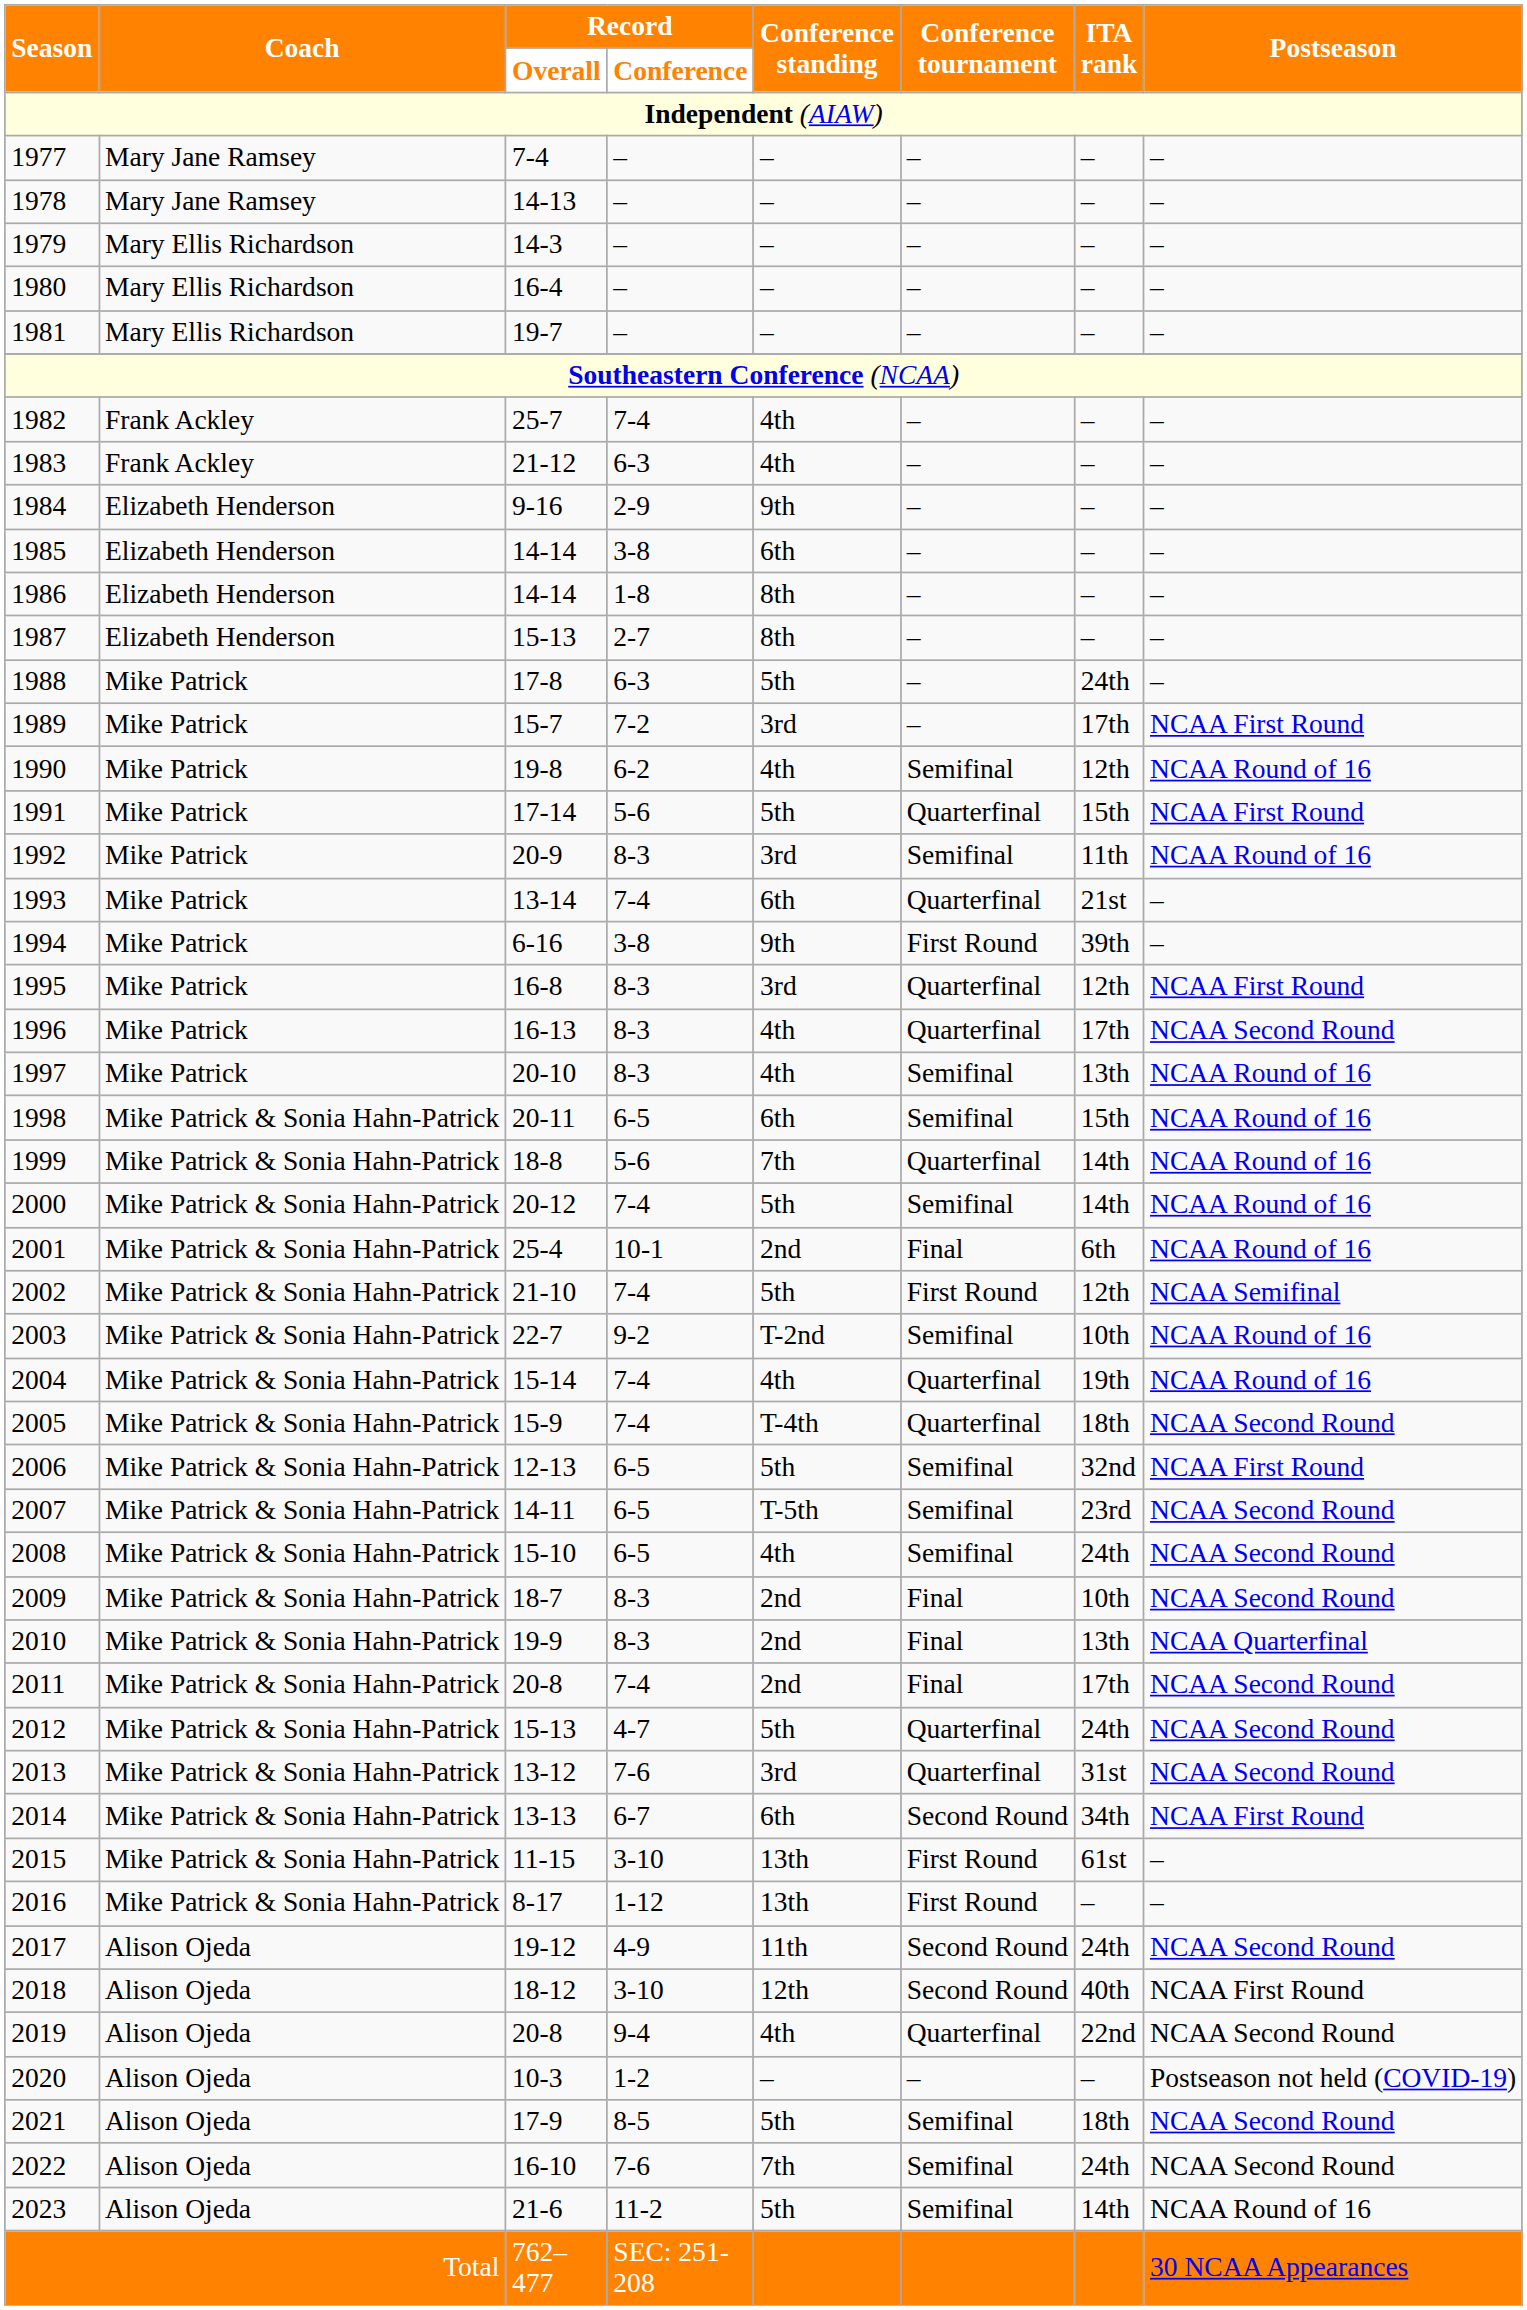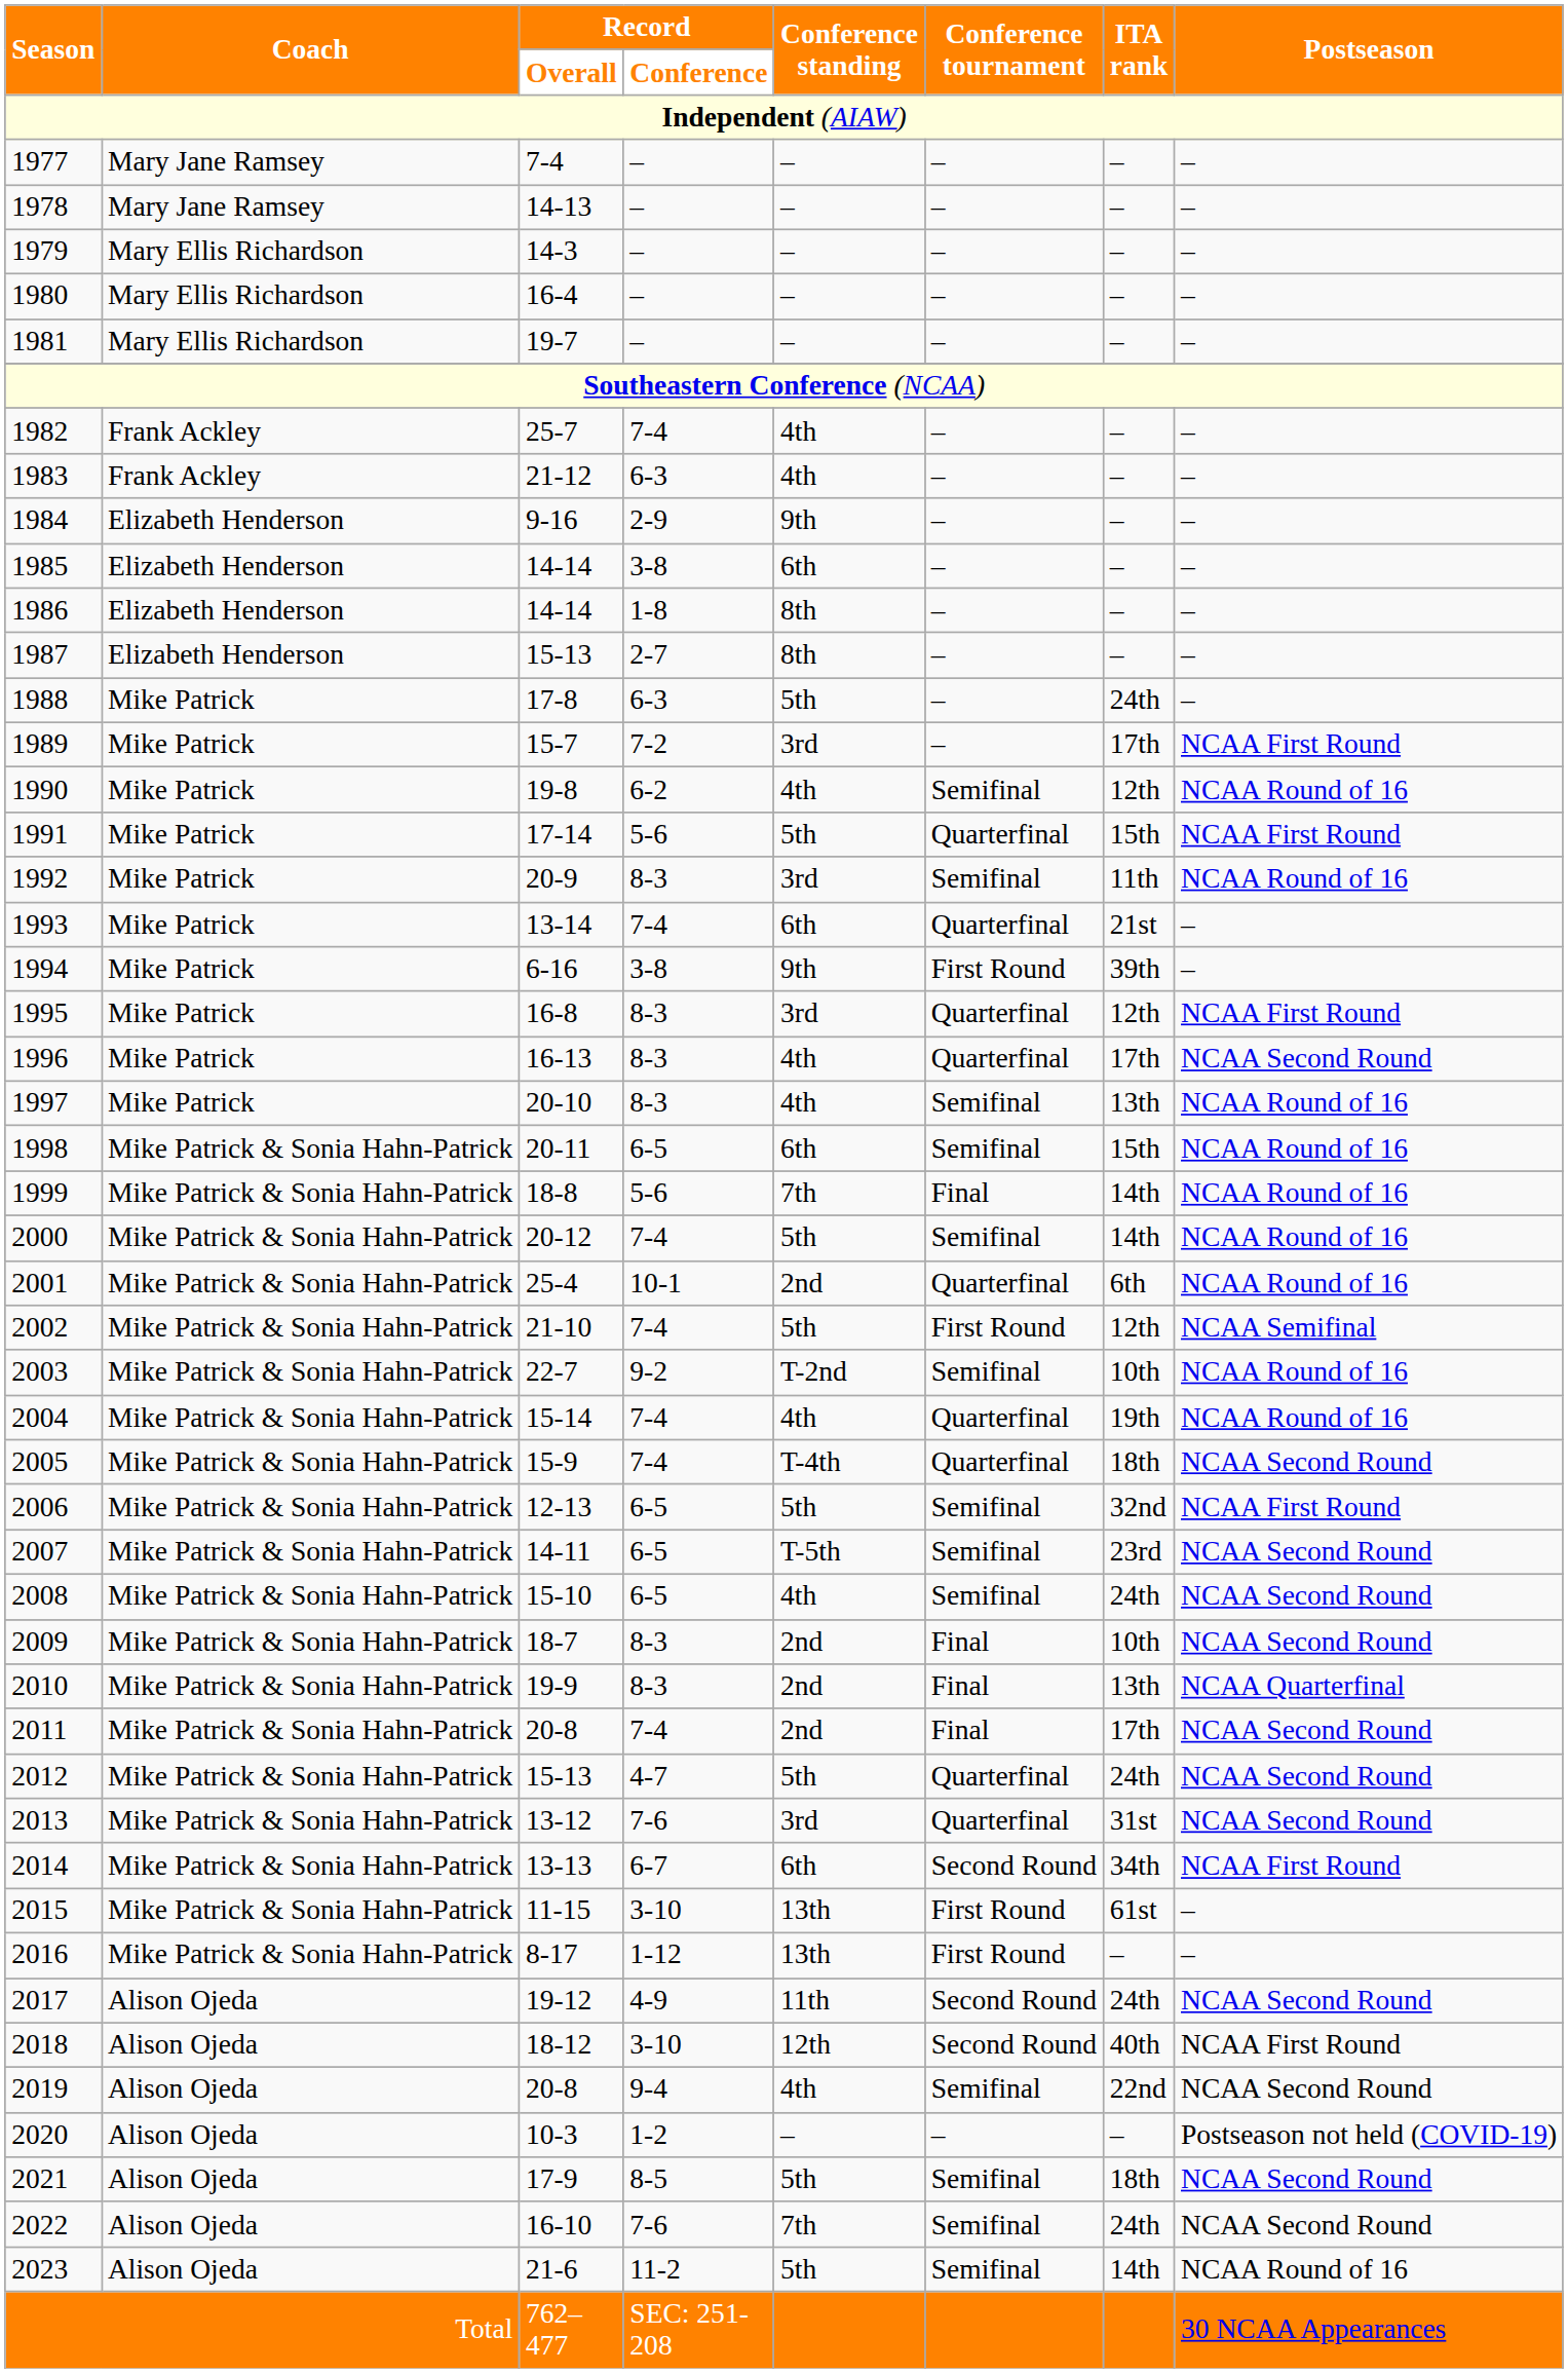 <table class="wikitable">
 <tr>
 <th rowspan="2" style="background: #FF8200; color:white;">Season</th>
 <th rowspan="2" style="background: #FF8200; color:white;">Coach</th>
 <th colspan="2" style="background: #FF8200; color:white;">Record</th>
 <th rowspan="2" style="background: #FF8200; color:white;">Conference<br> standing</th>
 <th rowspan="2" style="background: #FF8200; color:white;">Conference<br>tournament</th>
 <th rowspan="2" style="background: #FF8200; color:white;">ITA<br> rank</th>
 <th rowspan="2" style="background: #FF8200; color:white;">Postseason</th>
 </tr>
 <tr>
 <td width="70px" align="center" style="width:20px; background: white; color:#FF8200; text-align:center"><strong>Overall</strong></td>
 <td width="40px" style="width:20px; background: white; color:#FF8200; text-align:center"><strong>Conference</strong></td>
 </tr>
 <tr style="background: #ffffdd;">
 <td colspan="8" style="text-align:center;"><strong>Independent</strong> <em>(<a href='#'>AIAW</a>)</em></td>
 </tr>
 <tr>
 <td>1977</td>
 <td>Mary Jane Ramsey</td>
 <td>7-4</td>
 <td>–</td>
 <td>–</td>
 <td>–</td>
 <td>–</td>
 <td>–</td>
 </tr>
 <tr>
 <td>1978</td>
 <td>Mary Jane Ramsey</td>
 <td>14-13</td>
 <td>–</td>
 <td>–</td>
 <td>–</td>
 <td>–</td>
 <td>–</td>
 </tr>
 <tr>
 <td>1979</td>
 <td>Mary Ellis Richardson</td>
 <td>14-3</td>
 <td>–</td>
 <td>–</td>
 <td>–</td>
 <td>–</td>
 <td>–</td>
 </tr>
 <tr>
 <td>1980</td>
 <td>Mary Ellis Richardson</td>
 <td>16-4</td>
 <td>–</td>
 <td>–</td>
 <td>–</td>
 <td>–</td>
 <td>–</td>
 </tr>
 <tr>
 <td>1981</td>
 <td>Mary Ellis Richardson</td>
 <td>19-7</td>
 <td>–</td>
 <td>–</td>
 <td>–</td>
 <td>–</td>
 <td>–</td>
 </tr>
 <tr>
 </tr>
 <tr style="background: #ffffdd;">
 <td colspan="8" style="text-align:center;"><strong><a href='#'>Southeastern Conference</a></strong> <em>(<a href='#'>NCAA</a>)</em></td>
 </tr>
 <tr>
 <td>1982</td>
 <td>Frank Ackley</td>
 <td>25-7</td>
 <td>7-4</td>
 <td>4th</td>
 <td>–</td>
 <td>–</td>
 <td>–</td>
 </tr>
 <tr>
 <td>1983</td>
 <td>Frank Ackley</td>
 <td>21-12</td>
 <td>6-3</td>
 <td>4th</td>
 <td>–</td>
 <td>–</td>
 <td>–</td>
 </tr>
 <tr>
 <td>1984</td>
 <td>Elizabeth Henderson</td>
 <td>9-16</td>
 <td>2-9</td>
 <td>9th</td>
 <td>–</td>
 <td>–</td>
 <td>–</td>
 </tr>
 <tr>
 <td>1985</td>
 <td>Elizabeth Henderson</td>
 <td>14-14</td>
 <td>3-8</td>
 <td>6th</td>
 <td>–</td>
 <td>–</td>
 <td>–</td>
 </tr>
 <tr>
 <td>1986</td>
 <td>Elizabeth Henderson</td>
 <td>14-14</td>
 <td>1-8</td>
 <td>8th</td>
 <td>–</td>
 <td>–</td>
 <td>–</td>
 </tr>
 <tr>
 <td>1987</td>
 <td>Elizabeth Henderson</td>
 <td>15-13</td>
 <td>2-7</td>
 <td>8th</td>
 <td>–</td>
 <td>–</td>
 <td>–</td>
 </tr>
 <tr>
 <td>1988</td>
 <td>Mike Patrick</td>
 <td>17-8</td>
 <td>6-3</td>
 <td>5th</td>
 <td>–</td>
 <td>24th</td>
 <td>–</td>
 </tr>
 <tr>
 <td>1989</td>
 <td>Mike Patrick</td>
 <td>15-7</td>
 <td>7-2</td>
 <td>3rd</td>
 <td>–</td>
 <td>17th</td>
 <td><a href='#'>NCAA First Round</a></td>
 </tr>
 <tr>
 <td>1990</td>
 <td>Mike Patrick</td>
 <td>19-8</td>
 <td>6-2</td>
 <td>4th</td>
 <td>Semifinal</td>
 <td>12th</td>
 <td><a href='#'>NCAA Round of 16</a></td>
 </tr>
 <tr>
 <td>1991</td>
 <td>Mike Patrick</td>
 <td>17-14</td>
 <td>5-6</td>
 <td>5th</td>
 <td>Quarterfinal</td>
 <td>15th</td>
 <td><a href='#'>NCAA First Round</a></td>
 </tr>
 <tr>
 <td>1992</td>
 <td>Mike Patrick</td>
 <td>20-9</td>
 <td>8-3</td>
 <td>3rd</td>
 <td>Semifinal</td>
 <td>11th</td>
 <td><a href='#'>NCAA Round of 16</a></td>
 </tr>
 <tr>
 <td>1993</td>
 <td>Mike Patrick</td>
 <td>13-14</td>
 <td>7-4</td>
 <td>6th</td>
 <td>Quarterfinal</td>
 <td>21st</td>
 <td>–</td>
 </tr>
 <tr>
 <td>1994</td>
 <td>Mike Patrick</td>
 <td>6-16</td>
 <td>3-8</td>
 <td>9th</td>
 <td>First Round</td>
 <td>39th</td>
 <td>–</td>
 </tr>
 <tr>
 <td>1995</td>
 <td>Mike Patrick</td>
 <td>16-8</td>
 <td>8-3</td>
 <td>3rd</td>
 <td>Quarterfinal</td>
 <td>12th</td>
 <td><a href='#'>NCAA First Round</a></td>
 </tr>
 <tr>
 <td>1996</td>
 <td>Mike Patrick</td>
 <td>16-13</td>
 <td>8-3</td>
 <td>4th</td>
 <td>Quarterfinal</td>
 <td>17th</td>
 <td><a href='#'>NCAA Second Round</a></td>
 </tr>
 <tr>
 <td>1997</td>
 <td>Mike Patrick</td>
 <td>20-10</td>
 <td>8-3</td>
 <td>4th</td>
 <td>Semifinal</td>
 <td>13th</td>
 <td><a href='#'>NCAA Round of 16</a></td>
 </tr>
 <tr>
 <td>1998</td>
 <td>Mike Patrick & Sonia Hahn-Patrick</td>
 <td>20-11</td>
 <td>6-5</td>
 <td>6th</td>
 <td>Semifinal</td>
 <td>15th</td>
 <td><a href='#'>NCAA Round of 16</a></td>
 </tr>
 <tr>
 <td>1999</td>
 <td>Mike Patrick & Sonia Hahn-Patrick</td>
 <td>18-8</td>
 <td>5-6</td>
 <td>7th</td>
-<td>Quarterfinal</td>
+<td>Final</td>
 <td>14th</td>
 <td><a href='#'>NCAA Round of 16</a></td>
 </tr>
 <tr>
 <td>2000</td>
 <td>Mike Patrick & Sonia Hahn-Patrick</td>
 <td>20-12</td>
 <td>7-4</td>
 <td>5th</td>
 <td>Semifinal</td>
 <td>14th</td>
 <td><a href='#'>NCAA Round of 16</a></td>
 </tr>
 <tr>
 <td>2001</td>
 <td>Mike Patrick & Sonia Hahn-Patrick</td>
 <td>25-4</td>
 <td>10-1</td>
 <td>2nd</td>
-<td>Final</td>
+<td>Quarterfinal</td>
 <td>6th</td>
 <td><a href='#'>NCAA Round of 16</a></td>
 </tr>
 <tr>
 <td>2002</td>
 <td>Mike Patrick & Sonia Hahn-Patrick</td>
 <td>21-10</td>
 <td>7-4</td>
 <td>5th</td>
 <td>First Round</td>
 <td>12th</td>
 <td><a href='#'>NCAA Semifinal</a></td>
 </tr>
 <tr>
 <td>2003</td>
 <td>Mike Patrick & Sonia Hahn-Patrick</td>
 <td>22-7</td>
 <td>9-2</td>
 <td>T-2nd</td>
 <td>Semifinal</td>
 <td>10th</td>
 <td><a href='#'>NCAA Round of 16</a></td>
 </tr>
 <tr>
 <td>2004</td>
 <td>Mike Patrick & Sonia Hahn-Patrick</td>
 <td>15-14</td>
 <td>7-4</td>
 <td>4th</td>
 <td>Quarterfinal</td>
 <td>19th</td>
 <td><a href='#'>NCAA Round of 16</a></td>
 </tr>
 <tr>
 <td>2005</td>
 <td>Mike Patrick & Sonia Hahn-Patrick</td>
 <td>15-9</td>
 <td>7-4</td>
 <td>T-4th</td>
 <td>Quarterfinal</td>
 <td>18th</td>
 <td><a href='#'>NCAA Second Round</a></td>
 </tr>
 <tr>
 <td>2006</td>
 <td>Mike Patrick & Sonia Hahn-Patrick</td>
 <td>12-13</td>
 <td>6-5</td>
 <td>5th</td>
 <td>Semifinal</td>
 <td>32nd</td>
 <td><a href='#'>NCAA First Round</a></td>
 </tr>
 <tr>
 <td>2007</td>
 <td>Mike Patrick & Sonia Hahn-Patrick</td>
 <td>14-11</td>
 <td>6-5</td>
 <td>T-5th</td>
 <td>Semifinal</td>
 <td>23rd</td>
 <td><a href='#'>NCAA Second Round</a></td>
 </tr>
 <tr>
 <td>2008</td>
 <td>Mike Patrick & Sonia Hahn-Patrick</td>
 <td>15-10</td>
 <td>6-5</td>
 <td>4th</td>
 <td>Semifinal</td>
 <td>24th</td>
 <td><a href='#'>NCAA Second Round</a></td>
 </tr>
 <tr>
 <td>2009</td>
 <td>Mike Patrick & Sonia Hahn-Patrick</td>
 <td>18-7</td>
 <td>8-3</td>
 <td>2nd</td>
 <td>Final</td>
 <td>10th</td>
 <td><a href='#'>NCAA Second Round</a></td>
 </tr>
 <tr>
 <td>2010</td>
 <td>Mike Patrick & Sonia Hahn-Patrick</td>
 <td>19-9</td>
 <td>8-3</td>
 <td>2nd</td>
 <td>Final</td>
 <td>13th</td>
 <td><a href='#'>NCAA Quarterfinal</a></td>
 </tr>
 <tr>
 <td>2011</td>
 <td>Mike Patrick & Sonia Hahn-Patrick</td>
 <td>20-8</td>
 <td>7-4</td>
 <td>2nd</td>
 <td>Final</td>
 <td>17th</td>
 <td><a href='#'>NCAA Second Round</a></td>
 </tr>
 <tr>
 <td>2012</td>
 <td>Mike Patrick & Sonia Hahn-Patrick</td>
 <td>15-13</td>
 <td>4-7</td>
 <td>5th</td>
 <td>Quarterfinal</td>
 <td>24th</td>
 <td><a href='#'>NCAA Second Round</a></td>
 </tr>
 <tr>
 <td>2013</td>
 <td>Mike Patrick & Sonia Hahn-Patrick</td>
 <td>13-12</td>
 <td>7-6</td>
 <td>3rd</td>
 <td>Quarterfinal</td>
 <td>31st</td>
 <td><a href='#'>NCAA Second Round</a></td>
 </tr>
 <tr>
 <td>2014</td>
 <td>Mike Patrick & Sonia Hahn-Patrick</td>
 <td>13-13</td>
 <td>6-7</td>
 <td>6th</td>
 <td>Second Round</td>
 <td>34th</td>
 <td><a href='#'>NCAA First Round</a></td>
 </tr>
 <tr>
 <td>2015</td>
 <td>Mike Patrick & Sonia Hahn-Patrick</td>
 <td>11-15</td>
 <td>3-10</td>
 <td>13th</td>
 <td>First Round</td>
 <td>61st</td>
 <td>–</td>
 </tr>
 <tr>
 <td>2016</td>
 <td>Mike Patrick & Sonia Hahn-Patrick</td>
 <td>8-17</td>
 <td>1-12</td>
 <td>13th</td>
 <td>First Round</td>
 <td>–</td>
 <td>–</td>
 </tr>
 <tr>
 <td>2017</td>
 <td>Alison Ojeda</td>
 <td>19-12</td>
 <td>4-9</td>
 <td>11th</td>
 <td>Second Round</td>
 <td>24th</td>
 <td><a href='#'>NCAA Second Round</a></td>
 </tr>
 <tr>
 <td>2018</td>
 <td>Alison Ojeda</td>
 <td>18-12</td>
 <td>3-10</td>
 <td>12th</td>
 <td>Second Round</td>
 <td>40th</td>
 <td>NCAA First Round</td>
 </tr>
 <tr>
 <td>2019</td>
 <td>Alison Ojeda</td>
 <td>20-8</td>
 <td>9-4</td>
 <td>4th</td>
-<td>Quarterfinal</td>
+<td>Semifinal</td>
 <td>22nd</td>
 <td>NCAA Second Round</td>
 </tr>
 <tr>
 <td>2020</td>
 <td>Alison Ojeda</td>
 <td>10-3</td>
 <td>1-2</td>
 <td>–</td>
 <td>–</td>
 <td>–</td>
 <td>Postseason not held (<a href='#'>COVID-19</a>)</td>
 </tr>
 <tr>
 <td>2021</td>
 <td>Alison Ojeda</td>
 <td>17-9</td>
 <td>8-5</td>
 <td>5th</td>
 <td>Semifinal</td>
 <td>18th</td>
 <td><a href='#'>NCAA Second Round</a></td>
 </tr>
 <tr>
 <td>2022</td>
 <td>Alison Ojeda</td>
 <td>16-10</td>
 <td>7-6</td>
 <td>7th</td>
 <td>Semifinal</td>
 <td>24th</td>
 <td>NCAA Second Round</td>
 </tr>
 <tr>
 <td>2023</td>
 <td>Alison Ojeda</td>
 <td>21-6</td>
 <td>11-2</td>
 <td>5th</td>
 <td>Semifinal</td>
 <td>14th</td>
 <td>NCAA Round of 16</td>
 </tr>
 <tr style="background: #FF8200; color:white">
 <td colspan="2" align="right">Total</td>
 <td>762–477</td>
 <td>SEC: 251-208</td>
 <td></td>
 <td></td>
 <td></td>
 <td><a href='#'>30 NCAA Appearances</a></td>
 </tr>
 </table>
